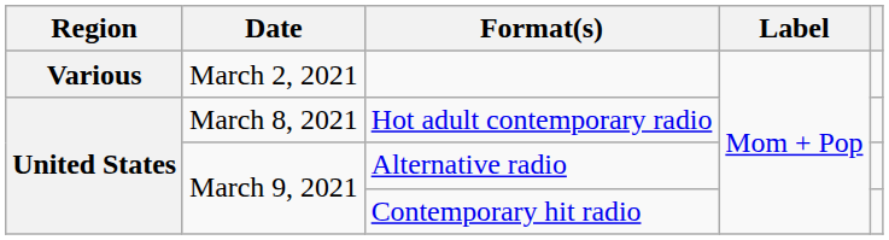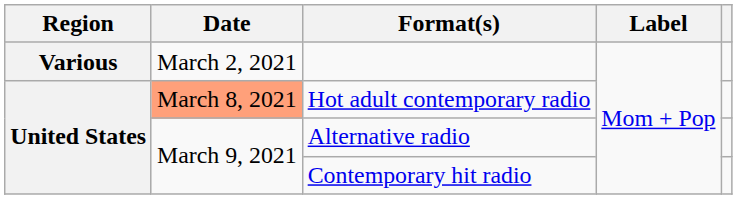 <table class="wikitable plainrowheaders">
 <tr>
 <th scope="col">Region</th>
 <th scope="col">Date</th>
 <th scope="col">Format(s)</th>
 <th scope="col">Label</th>
 <th scope="col"></th>
 </tr>
 <tr>
 <th scope="row">Various</th>
 <td>March 2, 2021</td>
 <td></td>
 <td rowspan="4"><a href='#'>Mom + Pop</a></td>
 <td></td>
 </tr>
 <tr>
 <th scope="row" rowspan="3">United States</th>
-<td>March 8, 2021</td>
+<td style="background: lightsalmon;">March 8, 2021</td>
 <td><a href='#'>Hot adult contemporary radio</a></td>
 <td></td>
 </tr>
 <tr>
 <td rowspan="2">March 9, 2021</td>
 <td><a href='#'>Alternative radio</a></td>
 <td></td>
 </tr>
 <tr>
 <td><a href='#'>Contemporary hit radio</a></td>
 <td></td>
 </tr>
 </table>
